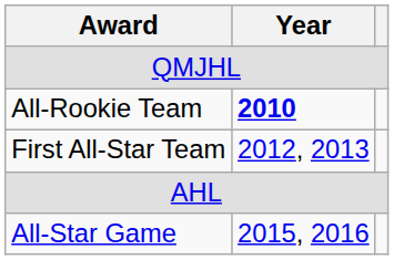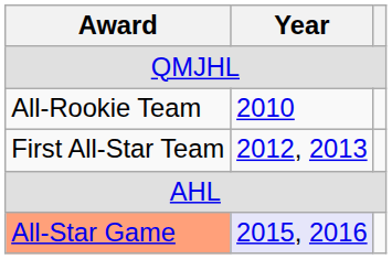 <table class="wikitable">
 <tr>
 <th>Award</th>
 <th>Year</th>
 <th></th>
 </tr>
 <tr ALIGN="center" bgcolor="#e0e0e0">
 <td colspan="3"><a href='#'>QMJHL</a></td>
 </tr>
 <tr>
 <td>All-Rookie Team</td>
-<td><strong><a href='#'>2010</a></strong></td>
+<td><a href='#'>2010</a></td>
 <td></td>
 </tr>
 <tr>
 <td>First All-Star Team</td>
 <td><a href='#'>2012</a>, <a href='#'>2013</a></td>
 <td></td>
 </tr>
 <tr ALIGN="center" bgcolor="#e0e0e0">
 <td colspan="3"><a href='#'>AHL</a></td>
 </tr>
 <tr>
-<td><a href='#'>All-Star Game</a></td>
-<td><a href='#'>2015</a>, <a href='#'>2016</a></td>
+<td style="background: lightsalmon;"><a href='#'>All-Star Game</a></td>
+<td style="background: lavender;"><a href='#'>2015</a>, <a href='#'>2016</a></td>
 <td></td>
 </tr>
 </table>
